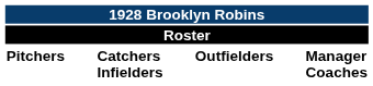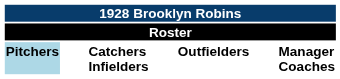 <table class="toccolours" style="font-size: 95%;">
 <tr>
 <th colspan="10" style="background-color: #083c6b; color: white; text-align: center;">1928 Brooklyn Robins</th>
 </tr>
 <tr>
 <td colspan="10" style="background-color: black; color: white; text-align: center;"><strong>Roster</strong></td>
 </tr>
 <tr>
-<td valign="top"><strong>Pitchers</strong><br>        </td>
+<td valign="top" style="background: lightblue;"><strong>Pitchers</strong><br>        </td>
 <td width="25px"></td>
 <td valign="top"><strong>Catchers</strong><br>     <strong>Infielders</strong>        </td>
 <td width="25px"></td>
 <td valign="top"><strong>Outfielders</strong><br>       </td>
 <td width="25px"></td>
 <td valign="top"><strong>Manager</strong><br> <strong>Coaches</strong> </td>
 </tr>
 </table>
